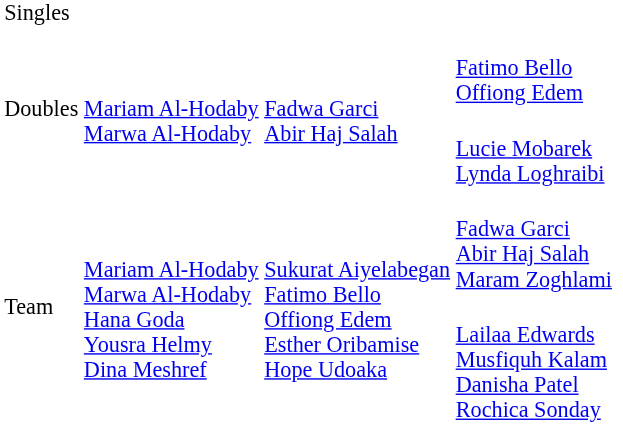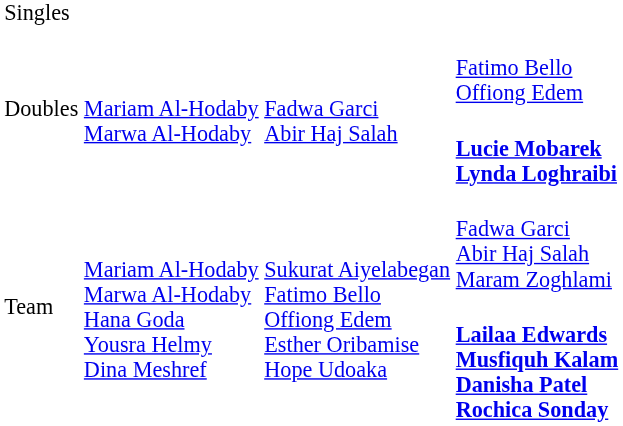 <table>
 <tr>
 <td rowspan=2>Singles<br></td>
 <td rowspan=2></td>
 <td rowspan=2></td>
 <td></td>
 </tr>
 <tr>
 <td></td>
 </tr>
 <tr>
 <td rowspan=2>Doubles<br></td>
 <td rowspan=2><br><a href='#'>Mariam Al-Hodaby</a><br><a href='#'>Marwa Al-Hodaby</a></td>
 <td rowspan=2><br><a href='#'>Fadwa Garci</a><br><a href='#'>Abir Haj Salah</a></td>
 <td><br><a href='#'>Fatimo Bello</a><br><a href='#'>Offiong Edem</a></td>
 </tr>
 <tr>
-<td><br><a href='#'>Lucie Mobarek</a><br><a href='#'>Lynda Loghraibi</a></td>
+<td><strong><br><a href='#'>Lucie Mobarek</a><br><a href='#'>Lynda Loghraibi</a></strong></td>
 </tr>
 <tr>
 <td rowspan=2>Team<br></td>
 <td rowspan=2><br><a href='#'>Mariam Al-Hodaby</a><br><a href='#'>Marwa Al-Hodaby</a><br><a href='#'>Hana Goda</a><br><a href='#'>Yousra Helmy</a><br><a href='#'>Dina Meshref</a></td>
 <td rowspan=2><br><a href='#'>Sukurat Aiyelabegan</a><br><a href='#'>Fatimo Bello</a><br><a href='#'>Offiong Edem</a><br><a href='#'>Esther Oribamise</a><br><a href='#'>Hope Udoaka</a></td>
 <td><br><a href='#'>Fadwa Garci</a><br><a href='#'>Abir Haj Salah</a><br><a href='#'>Maram Zoghlami</a></td>
 </tr>
 <tr>
-<td><br><a href='#'>Lailaa Edwards</a><br><a href='#'>Musfiquh Kalam</a><br><a href='#'>Danisha Patel</a><br><a href='#'>Rochica Sonday</a></td>
+<td><strong><br><a href='#'>Lailaa Edwards</a><br><a href='#'>Musfiquh Kalam</a><br><a href='#'>Danisha Patel</a><br><a href='#'>Rochica Sonday</a></strong></td>
 </tr>
 </table>
